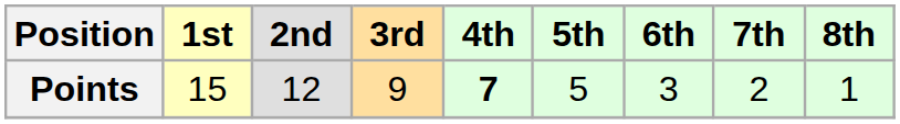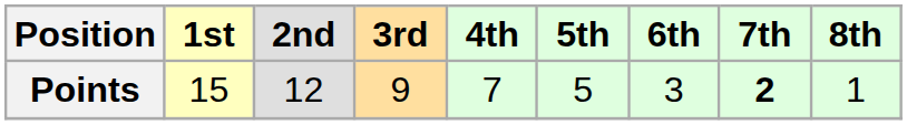 <table class="wikitable" style="font-size:85%; text-align:center">
 <tr>
 <th>Position</th>
 <td style="background:#ffffbf;"> <strong>1st</strong> </td>
 <td style="background:#dfdfdf;"> <strong>2nd</strong> </td>
 <td style="background:#ffdf9f;"> <strong>3rd</strong> </td>
 <td style="background:#dfffdf;"> <strong>4th</strong> </td>
 <td style="background:#dfffdf;"> <strong>5th</strong> </td>
 <td style="background:#dfffdf;"> <strong>6th</strong> </td>
 <td style="background:#dfffdf;"> <strong>7th</strong> </td>
 <td style="background:#dfffdf;"> <strong>8th</strong> </td>
 </tr>
 <tr>
 <th>Points</th>
 <td style="background:#ffffbf;">15</td>
 <td style="background:#dfdfdf;">12</td>
 <td style="background:#ffdf9f;">9</td>
-<td style="background:#dfffdf;"><strong>7</strong></td>
+<td style="background:#dfffdf;">7</td>
 <td style="background:#dfffdf;">5</td>
 <td style="background:#dfffdf;">3</td>
-<td style="background:#dfffdf;">2</td>
+<td style="background:#dfffdf;"><strong>2</strong></td>
 <td style="background:#dfffdf;">1</td>
 </tr>
 <tr>
 </tr>
 </table>
